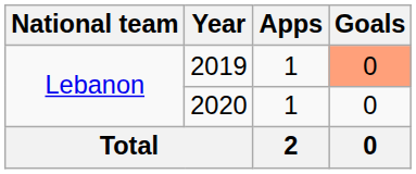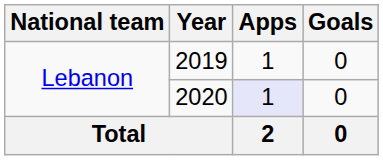 <table class="wikitable" style="text-align:center">
 <tr>
 <th>National team</th>
 <th>Year</th>
 <th>Apps</th>
 <th>Goals</th>
 </tr>
 <tr>
 <td rowspan="2"><a href='#'>Lebanon</a></td>
 <td>2019</td>
 <td>1</td>
-<td style="background: lightsalmon;">0</td>
+<td>0</td>
 </tr>
 <tr>
 <td>2020</td>
-<td>1</td>
+<td style="background: lavender;">1</td>
 <td>0</td>
 </tr>
 <tr>
 <th colspan="2">Total</th>
 <th>2</th>
 <th>0</th>
 </tr>
 </table>
